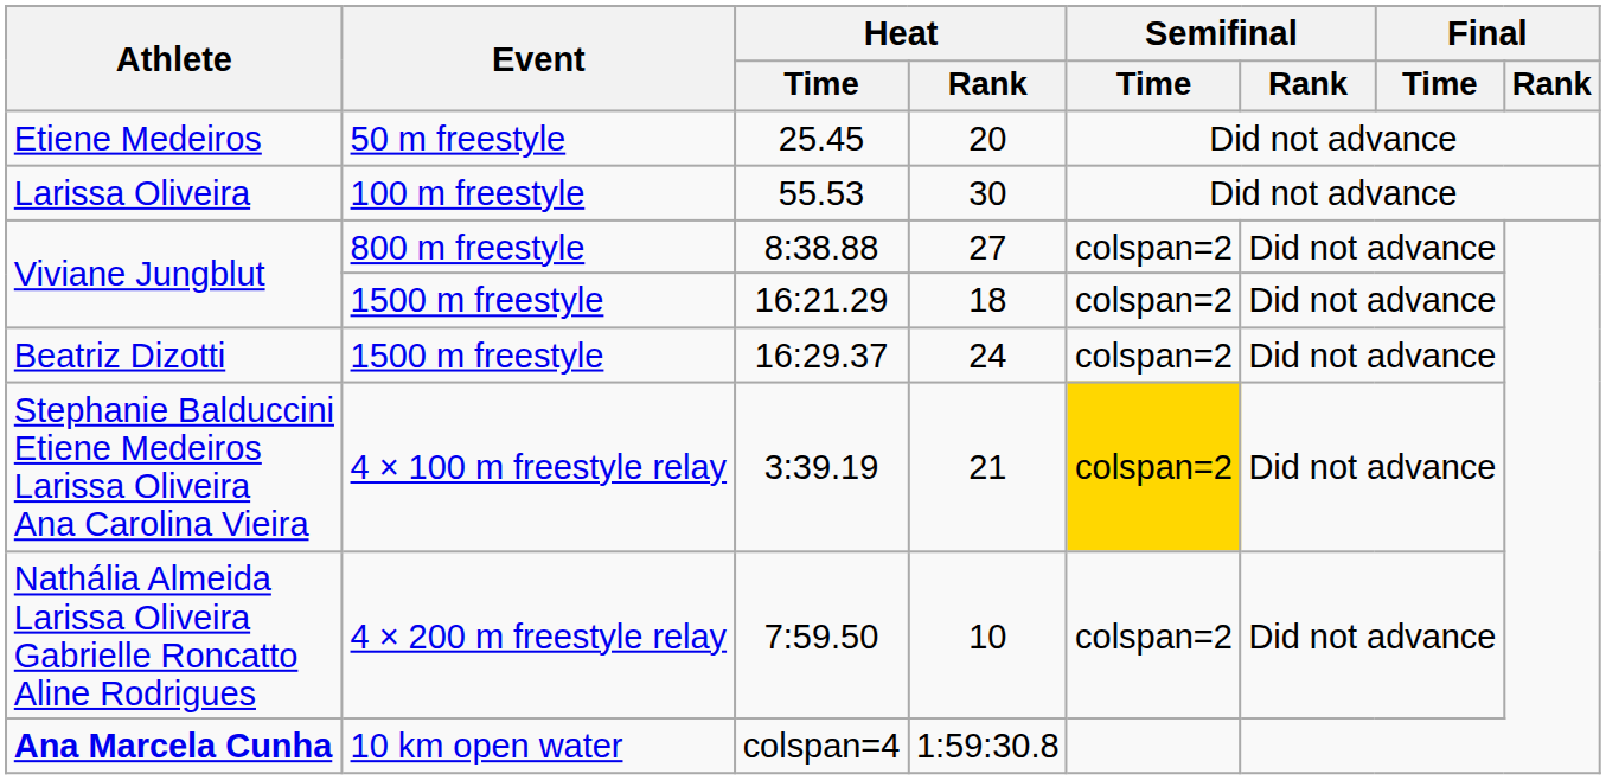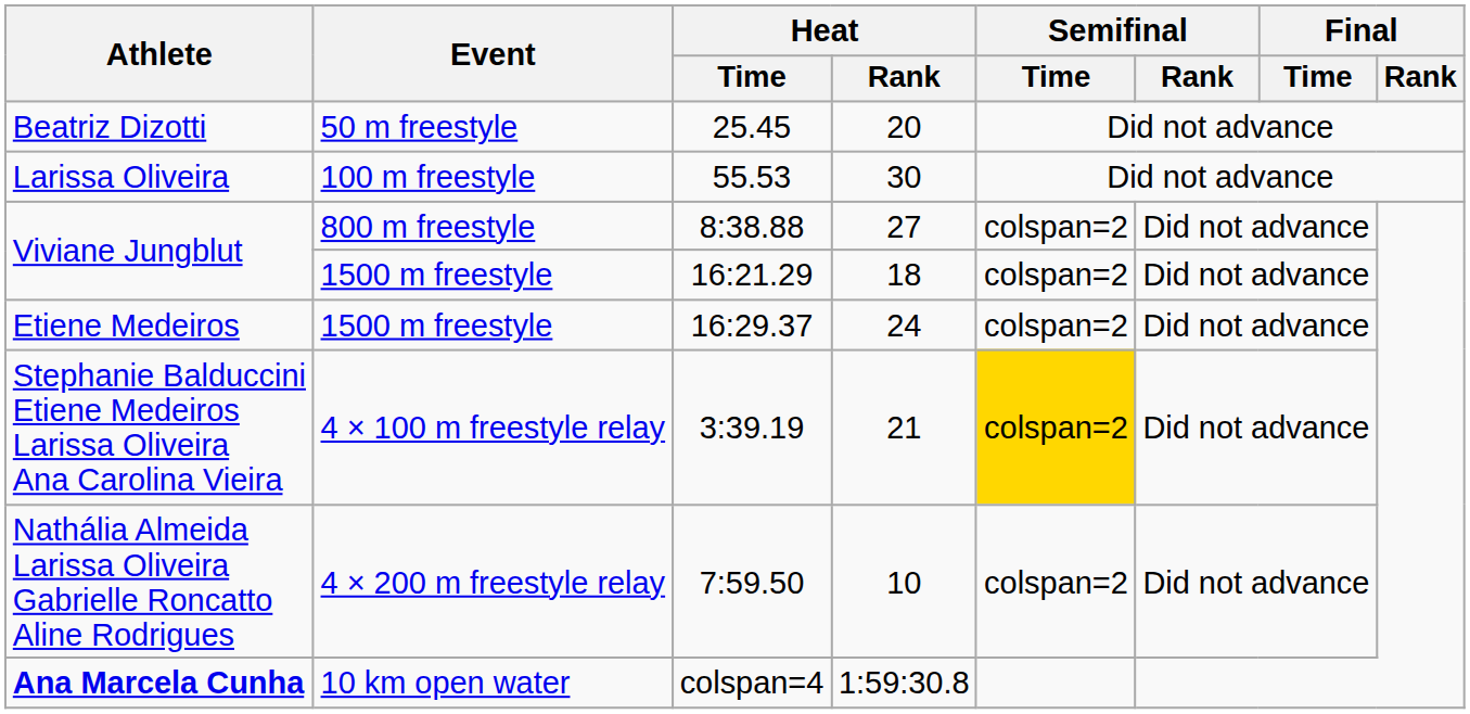 <table class=wikitable style="font-size:90%">
 <tr>
 <th rowspan="2">Athlete</th>
 <th rowspan="2">Event</th>
 <th colspan="2">Heat</th>
 <th colspan="2">Semifinal</th>
 <th colspan="2">Final</th>
 </tr>
 <tr style="font-size:95%">
 <th>Time</th>
 <th>Rank</th>
 <th>Time</th>
 <th>Rank</th>
 <th>Time</th>
 <th>Rank</th>
 </tr>
 <tr align=center>
-<td align=left><a href='#'>Etiene Medeiros</a></td>
+<td align=left><a href='#'>Beatriz Dizotti</a></td>
 <td align=left><a href='#'>50 m freestyle</a></td>
 <td>25.45</td>
 <td>20</td>
 <td colspan="4">Did not advance</td>
 </tr>
 <tr align=center>
 <td align=left><a href='#'>Larissa Oliveira</a></td>
 <td align=left><a href='#'>100 m freestyle</a></td>
 <td>55.53</td>
 <td>30</td>
 <td colspan="4">Did not advance</td>
 </tr>
 <tr align=center>
 <td align=left rowspan=2><a href='#'>Viviane Jungblut</a></td>
 <td align=left><a href='#'>800 m freestyle</a></td>
 <td>8:38.88</td>
 <td>27</td>
 <td>colspan=2 </td>
 <td colspan="2">Did not advance</td>
 </tr>
 <tr align=center>
 <td align=left><a href='#'>1500 m freestyle</a></td>
 <td>16:21.29</td>
 <td>18</td>
 <td>colspan=2 </td>
 <td colspan="2">Did not advance</td>
 </tr>
 <tr align=center>
-<td align=left><a href='#'>Beatriz Dizotti</a></td>
+<td align=left><a href='#'>Etiene Medeiros</a></td>
 <td align=left><a href='#'>1500 m freestyle</a></td>
 <td>16:29.37</td>
 <td>24</td>
 <td>colspan=2 </td>
 <td colspan="2">Did not advance</td>
 </tr>
 <tr align=center>
 <td align=left><a href='#'>Stephanie Balduccini</a><br><a href='#'>Etiene Medeiros</a><br><a href='#'>Larissa Oliveira</a><br><a href='#'>Ana Carolina Vieira</a></td>
 <td align=left><a href='#'>4 × 100 m freestyle relay</a></td>
 <td>3:39.19</td>
 <td>21</td>
 <td style="background: gold;">colspan=2 </td>
 <td colspan="2">Did not advance</td>
 </tr>
 <tr align=center>
 <td align=left><a href='#'>Nathália Almeida</a><br><a href='#'>Larissa Oliveira</a><br><a href='#'>Gabrielle Roncatto</a><br><a href='#'>Aline Rodrigues</a></td>
 <td align=left><a href='#'>4 × 200 m freestyle relay</a></td>
 <td>7:59.50</td>
 <td>10</td>
 <td>colspan=2 </td>
 <td colspan="2">Did not advance</td>
 </tr>
 <tr align=center>
 <td align=left><strong><a href='#'>Ana Marcela Cunha</a></strong></td>
 <td align=left><a href='#'>10 km open water</a></td>
 <td>colspan=4 </td>
 <td>1:59:30.8</td>
 <td></td>
 </tr>
 </table>
